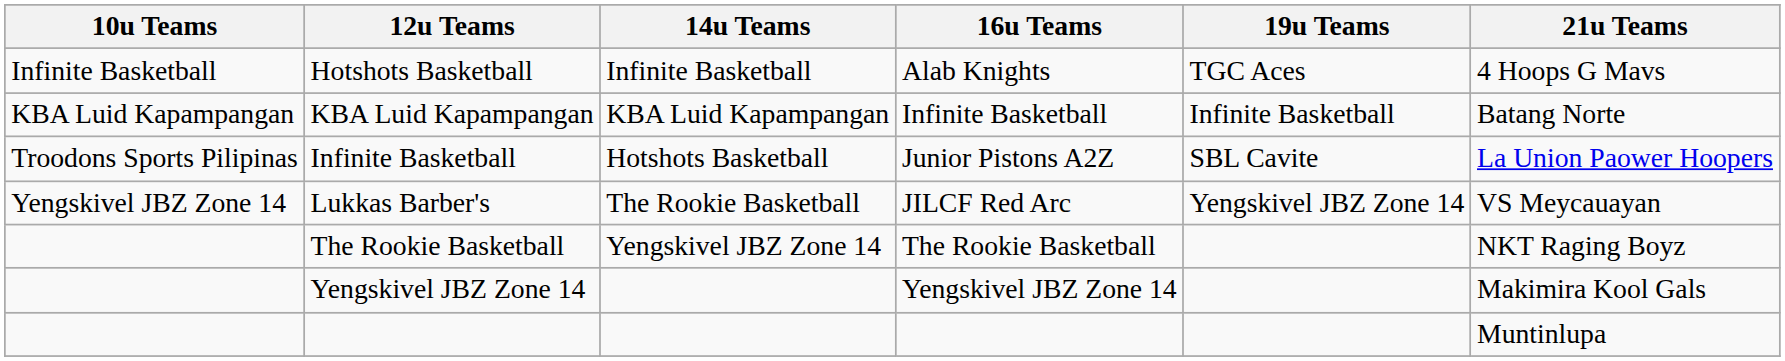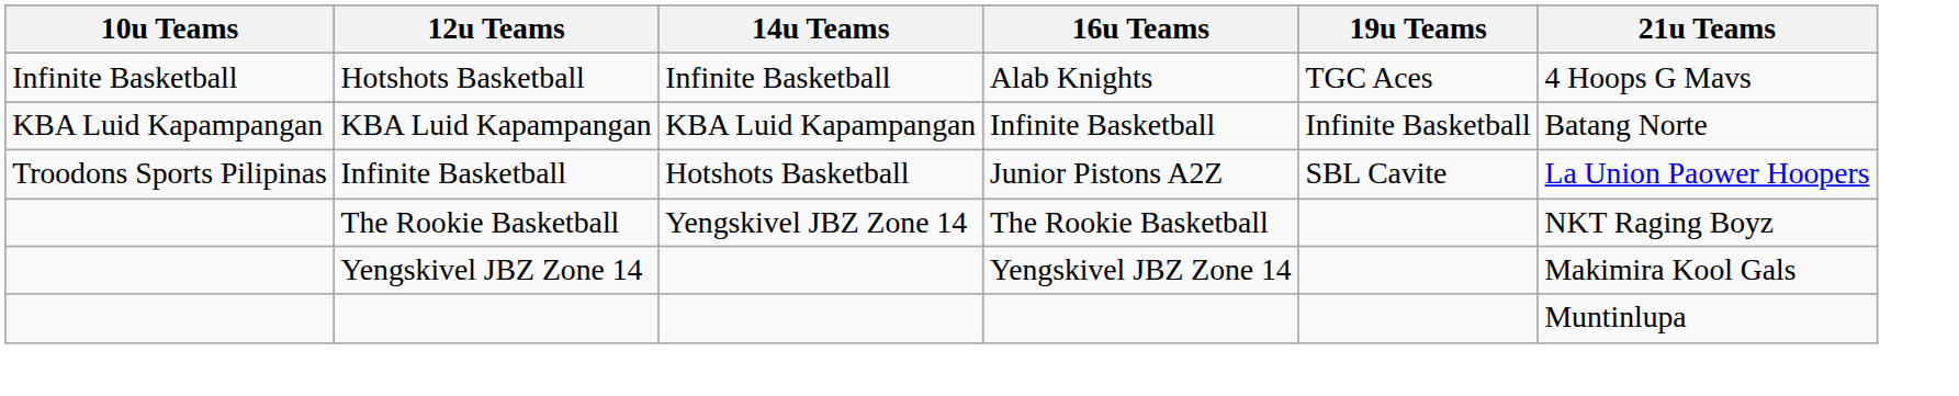 <table class="wikitable">
 <tr>
 <th>10u Teams</th>
 <th>12u Teams</th>
 <th>14u Teams</th>
 <th>16u Teams</th>
 <th>19u Teams</th>
 <th>21u Teams</th>
 </tr>
 <tr>
 <td>Infinite Basketball</td>
 <td>Hotshots Basketball</td>
 <td>Infinite Basketball</td>
 <td>Alab Knights</td>
 <td>TGC Aces</td>
 <td>4 Hoops G Mavs</td>
 </tr>
 <tr>
 <td>KBA Luid Kapampangan</td>
 <td>KBA Luid Kapampangan</td>
 <td>KBA Luid Kapampangan</td>
 <td>Infinite Basketball</td>
 <td>Infinite Basketball</td>
 <td>Batang Norte</td>
 </tr>
 <tr>
 <td>Troodons Sports Pilipinas</td>
 <td>Infinite Basketball</td>
 <td>Hotshots Basketball</td>
 <td>Junior Pistons A2Z</td>
 <td>SBL Cavite</td>
 <td><a href='#'>La Union Paower Hoopers</a></td>
 </tr>
 <tr>
-<td>Yengskivel JBZ Zone 14</td>
-<td>Lukkas Barber's</td>
-<td>The Rookie Basketball</td>
-<td>JILCF Red Arc</td>
-<td>Yengskivel JBZ Zone 14</td>
-<td>VS Meycauayan</td>
-</tr>
-<tr>
 <td></td>
 <td>The Rookie Basketball</td>
 <td>Yengskivel JBZ Zone 14</td>
 <td>The Rookie Basketball</td>
 <td></td>
 <td>NKT Raging Boyz</td>
 </tr>
 <tr>
 <td></td>
 <td>Yengskivel JBZ Zone 14</td>
 <td></td>
 <td>Yengskivel JBZ Zone 14</td>
 <td></td>
 <td>Makimira Kool Gals</td>
 </tr>
 <tr>
 <td></td>
 <td></td>
 <td></td>
 <td></td>
 <td></td>
 <td>Muntinlupa</td>
 </tr>
 </table>
